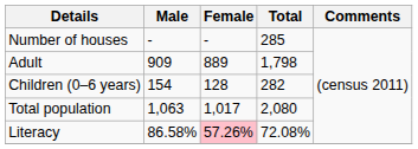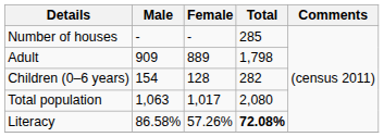 <table class="wikitable sortable">
 <tr>
 <th>Details</th>
 <th>Male</th>
 <th>Female</th>
 <th>Total</th>
 <th>Comments</th>
 </tr>
 <tr>
 <td>Number of houses</td>
 <td>-</td>
 <td>-</td>
 <td>285</td>
 <td rowspan="5">(census 2011) </td>
 </tr>
 <tr>
 <td>Adult</td>
 <td>909</td>
 <td>889</td>
 <td>1,798</td>
 </tr>
 <tr>
 <td>Children (0–6 years)</td>
 <td>154</td>
 <td>128</td>
 <td>282</td>
 </tr>
 <tr>
 <td>Total population</td>
 <td>1,063</td>
 <td>1,017</td>
 <td>2,080</td>
 </tr>
 <tr>
 <td>Literacy</td>
 <td>86.58%</td>
-<td style="background: pink;">57.26%</td>
-<td>72.08%</td>
+<td>57.26%</td>
+<td><strong>72.08%</strong></td>
 </tr>
 <tr>
 </tr>
 </table>
